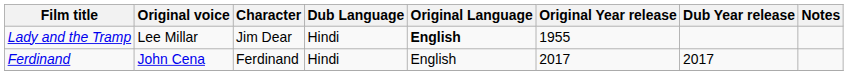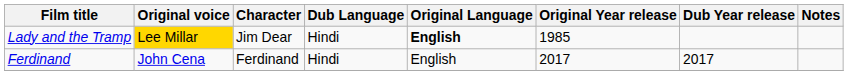 <table class="wikitable">
 <tr>
 <th>Film title</th>
 <th>Original voice</th>
 <th>Character</th>
 <th>Dub Language</th>
 <th>Original Language</th>
 <th>Original Year release</th>
 <th>Dub Year release</th>
 <th>Notes</th>
 </tr>
 <tr>
 <td><em><a href='#'>Lady and the Tramp</a></em></td>
-<td>Lee Millar</td>
+<td style="background: gold;">Lee Millar</td>
 <td>Jim Dear</td>
 <td>Hindi</td>
 <td><strong>English</strong></td>
-<td>1955</td>
+<td>1985</td>
 <td></td>
 <td></td>
 </tr>
 <tr>
 <td><em><a href='#'>Ferdinand</a></em></td>
 <td><a href='#'>John Cena</a></td>
 <td>Ferdinand</td>
 <td>Hindi</td>
 <td>English</td>
 <td>2017</td>
 <td>2017</td>
 <td></td>
 </tr>
 <tr>
 </tr>
 </table>
